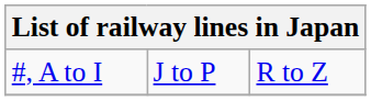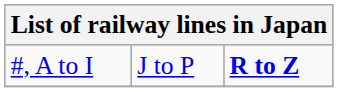 <table class="wikitable">
 <tr>
 <th colspan=3>List of railway lines in Japan</th>
 </tr>
 <tr>
 <td><a href='#'>#, A to I</a></td>
 <td><a href='#'>J to P</a></td>
-<td><a href='#'>R to Z</a></td>
+<td><strong><a href='#'>R to Z</a></strong></td>
 </tr>
 <tr>
 </tr>
 </table>
